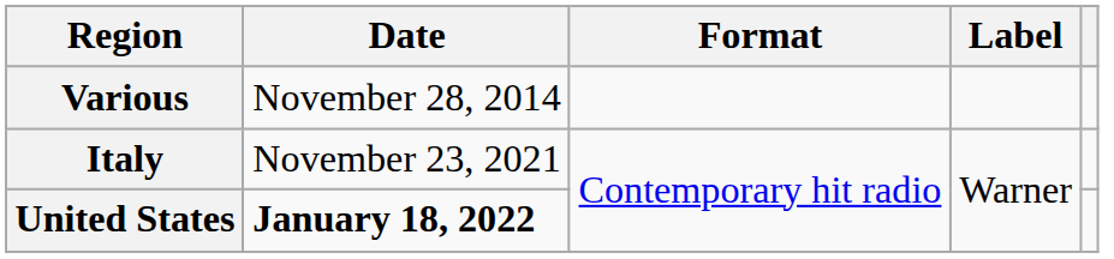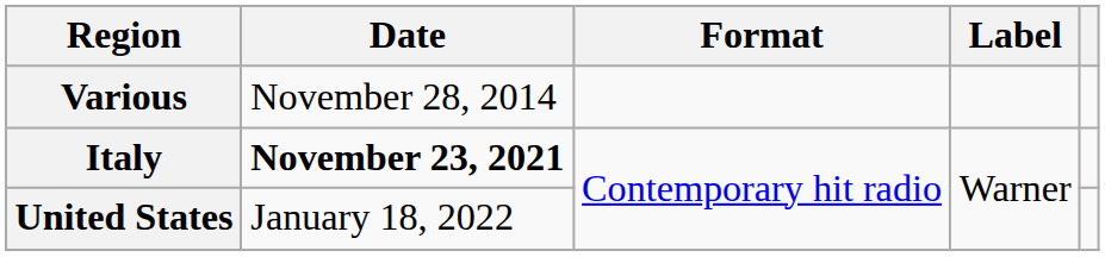 <table class="wikitable plainrowheaders">
 <tr>
 <th scope="col">Region</th>
 <th scope="col">Date</th>
 <th scope="col">Format</th>
 <th scope="col">Label</th>
 <th scope="col"></th>
 </tr>
 <tr>
 <th scope="row">Various</th>
 <td>November 28, 2014</td>
 <td></td>
 <td></td>
 <td></td>
 </tr>
 <tr>
 <th scope="row">Italy</th>
-<td>November 23, 2021</td>
+<td><strong>November 23, 2021</strong></td>
 <td rowspan="2"><a href='#'>Contemporary hit radio</a></td>
 <td rowspan="2">Warner</td>
 <td></td>
 </tr>
 <tr>
 <th scope="row">United States</th>
-<td><strong>January 18, 2022</strong></td>
+<td>January 18, 2022</td>
 <td></td>
 </tr>
 </table>
